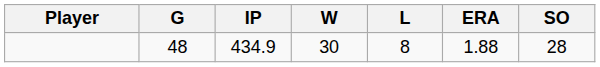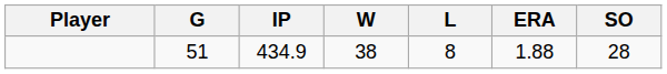 <table class="wikitable sortable">
 <tr>
 <th bgcolor="#DDDDFF" width="16%">Player</th>
 <th bgcolor="#DDDDFF" width="9%">G</th>
 <th bgcolor="#DDDDFF" width="9%">IP</th>
 <th bgcolor="#DDDDFF" width="9%">W</th>
 <th bgcolor="#DDDDFF" width="9%">L</th>
 <th bgcolor="#DDDDFF" width="9%">ERA</th>
 <th bgcolor="#DDDDFF" width="9%">SO</th>
 </tr>
 <tr align="center">
 <td></td>
-<td>48</td>
+<td>51</td>
 <td>434.9</td>
-<td>30</td>
+<td>38</td>
 <td>8</td>
 <td>1.88</td>
 <td>28</td>
 </tr>
 </table>
